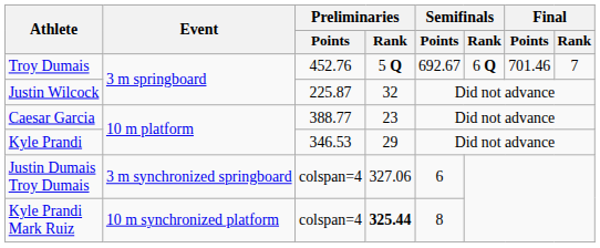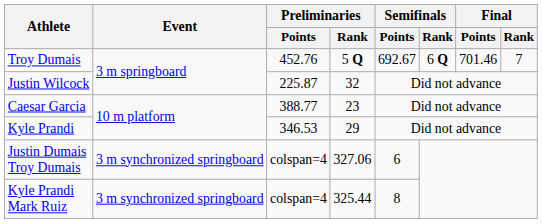 <table class=wikitable style=font-size:90%;text-align:center>
 <tr>
 <th rowspan=2>Athlete</th>
 <th rowspan=2>Event</th>
 <th colspan=2>Preliminaries</th>
 <th colspan=2>Semifinals</th>
 <th colspan=2>Final</th>
 </tr>
 <tr style=font-size:95%>
 <th>Points</th>
 <th>Rank</th>
 <th>Points</th>
 <th>Rank</th>
 <th>Points</th>
 <th>Rank</th>
 </tr>
 <tr>
 <td align=left><a href='#'>Troy Dumais</a></td>
 <td align=left rowspan=2><a href='#'>3 m springboard</a></td>
 <td>452.76</td>
 <td>5 <strong>Q</strong></td>
 <td>692.67</td>
 <td>6 <strong>Q</strong></td>
 <td>701.46</td>
 <td>7</td>
 </tr>
 <tr>
 <td align=left><a href='#'>Justin Wilcock</a></td>
 <td>225.87</td>
 <td>32</td>
 <td colspan=4>Did not advance</td>
 </tr>
 <tr>
 <td align=left><a href='#'>Caesar Garcia</a></td>
 <td align=left rowspan=2><a href='#'>10 m platform</a></td>
 <td>388.77</td>
 <td>23</td>
 <td colspan=4>Did not advance</td>
 </tr>
 <tr>
 <td align=left><a href='#'>Kyle Prandi</a></td>
 <td>346.53</td>
 <td>29</td>
 <td colspan=4>Did not advance</td>
 </tr>
 <tr>
 <td align=left><a href='#'>Justin Dumais</a><br><a href='#'>Troy Dumais</a></td>
 <td align=left><a href='#'>3 m synchronized springboard</a></td>
 <td>colspan=4 </td>
 <td>327.06</td>
 <td>6</td>
 </tr>
 <tr>
 <td align=left><a href='#'>Kyle Prandi</a><br><a href='#'>Mark Ruiz</a></td>
-<td align=left><a href='#'>10 m synchronized platform</a></td>
+<td align=left><a href='#'>3 m synchronized springboard</a></td>
 <td>colspan=4 </td>
-<td><strong>325.44</strong></td>
+<td>325.44</td>
 <td>8</td>
 </tr>
 </table>
